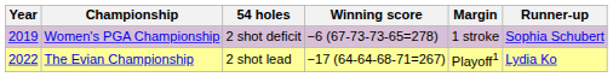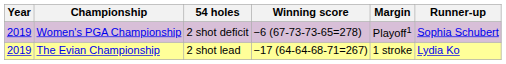 <table class="wikitable">
 <tr>
 <th>Year</th>
 <th>Championship</th>
 <th>54 holes</th>
 <th>Winning score</th>
 <th>Margin</th>
 <th>Runner-up</th>
 </tr>
 <tr style="background:#D8BFD8;">
 <td><a href='#'>2019</a></td>
 <td><a href='#'>Women's PGA Championship</a></td>
 <td>2 shot deficit</td>
 <td>−6 (67-73-73-65=278)</td>
-<td>1 stroke</td>
+<td>Playoff<sup>1</sup></td>
 <td> <a href='#'>Sophia Schubert</a></td>
 </tr>
 <tr style="background:#FFFF99">
-<td><a href='#'>2022</a></td>
+<td><a href='#'>2019</a></td>
 <td><a href='#'>The Evian Championship</a></td>
 <td>2 shot lead</td>
 <td>−17 (64-64-68-71=267)</td>
-<td>Playoff<sup>1</sup></td>
+<td>1 stroke</td>
 <td> <a href='#'>Lydia Ko</a></td>
 </tr>
 </table>
